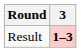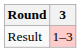 <table class="wikitable">
 <tr>
 <th>Round</th>
 <th>3</th>
 </tr>
 <tr>
 <td>Result</td>
-<td bgcolor="#FFCCCC"><strong>1–3</strong></td>
+<td bgcolor="#FFCCCC">1–3</td>
 </tr>
 </table>
